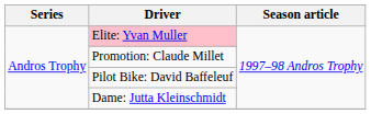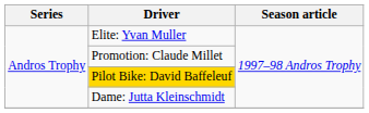 <table class="wikitable" style="font-size: 87%;">
 <tr>
 <th>Series</th>
 <th>Driver</th>
 <th>Season article</th>
 </tr>
 <tr>
 <td rowspan=4><a href='#'>Andros Trophy</a></td>
-<td style="background: pink;">Elite:  <a href='#'>Yvan Muller</a></td>
+<td>Elite:  <a href='#'>Yvan Muller</a></td>
 <td rowspan=4><em><a href='#'>1997–98 Andros Trophy</a></em></td>
 </tr>
 <tr>
 <td>Promotion:  Claude Millet</td>
 </tr>
 <tr>
-<td>Pilot Bike:  David Baffeleuf</td>
+<td style="background: gold;">Pilot Bike:  David Baffeleuf</td>
 </tr>
 <tr>
 <td>Dame:  <a href='#'>Jutta Kleinschmidt</a></td>
 </tr>
 <tr>
 </tr>
 </table>
